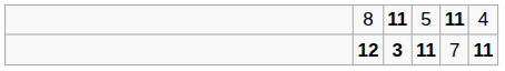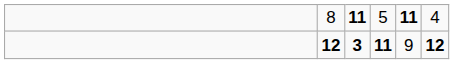 <table class="wikitable">
 <tr>
 <td style="width:18em"></td>
 <td align=center style="width:1em">8</td>
 <td align=center style="width:1em"><strong>11</strong></td>
 <td align=center style="width:1em">5</td>
 <td align=center style="width:1em"><strong>11</strong></td>
 <td align=center style="width:1em">4</td>
 </tr>
 <tr>
 <td style="width:18em"></td>
 <td align=center style="width:1em"><strong>12</strong></td>
 <td align=center style="width:1em"><strong>3</strong></td>
 <td align=center style="width:1em"><strong>11</strong></td>
-<td align=center style="width:1em">7</td>
-<td align=center style="width:1em"><strong>11</strong></td>
+<td align=center style="width:1em">9</td>
+<td align=center style="width:1em"><strong>12</strong></td>
 </tr>
 </table>
